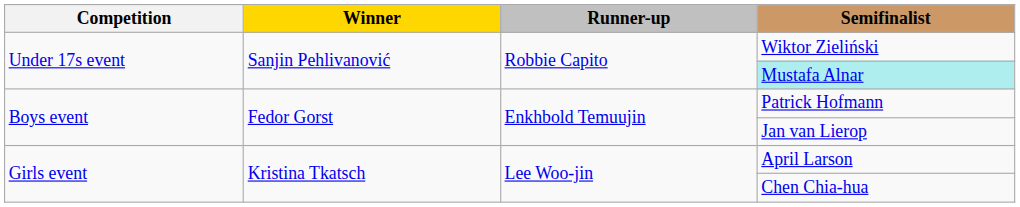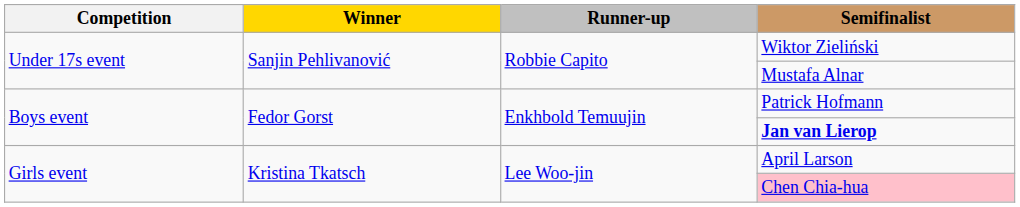 <table class="wikitable">
 <tr style="background:#EFEFEF;">
 <th style="width:13em">Competition</th>
 <th style="background:gold; width:14em;">Winner</th>
 <th style="background:silver; width:14em;">Runner-up</th>
 <th style="background:#CC9966; width:14em;">Semifinalist</th>
 </tr>
 <tr>
 <td rowspan="2"><a href='#'>Under 17s event</a></td>
 <td rowspan="2"> <a href='#'>Sanjin Pehlivanović</a></td>
 <td rowspan="2"> <a href='#'>Robbie Capito</a></td>
 <td> <a href='#'>Wiktor Zieliński</a></td>
 </tr>
 <tr>
-<td style="background: paleturquoise;"> <a href='#'>Mustafa Alnar</a></td>
+<td> <a href='#'>Mustafa Alnar</a></td>
 </tr>
 <tr>
 <td rowspan="2"><a href='#'>Boys event</a></td>
 <td rowspan="2"> <a href='#'>Fedor Gorst</a></td>
 <td rowspan="2"> <a href='#'>Enkhbold Temuujin</a></td>
 <td> <a href='#'>Patrick Hofmann</a></td>
 </tr>
 <tr>
-<td> <a href='#'>Jan van Lierop</a></td>
+<td><strong> <a href='#'>Jan van Lierop</a></strong></td>
 </tr>
 <tr>
 <td rowspan="2"><a href='#'>Girls event</a></td>
 <td rowspan="2"> <a href='#'>Kristina Tkatsch</a></td>
 <td rowspan="2"> <a href='#'>Lee Woo-jin</a></td>
 <td> <a href='#'>April Larson</a></td>
 </tr>
 <tr>
-<td> <a href='#'>Chen Chia-hua</a></td>
+<td style="background: pink;"> <a href='#'>Chen Chia-hua</a></td>
 </tr>
 </table>
